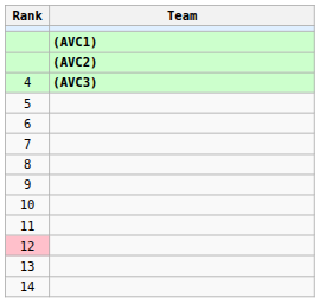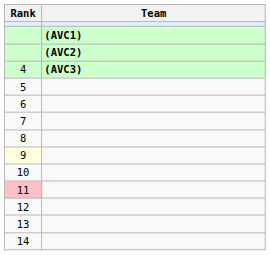 <table class="wikitable" style="text-align:center">
 <tr>
 <th width=40>Rank</th>
 <th width=270>Team</th>
 </tr>
 <tr bgcolor=#dfefff>
 <td></td>
 <td style="text-align:left"></td>
 </tr>
 <tr bgcolor=#ccffcc>
 <td></td>
 <td style="text-align:left"><strong> (AVC1)</strong></td>
 </tr>
 <tr bgcolor=#ccffcc>
 <td></td>
 <td style="text-align:left"><strong> (AVC2)</strong></td>
 </tr>
 <tr bgcolor=#ccffcc>
 <td>4</td>
 <td style="text-align:left"><strong> (AVC3)</strong></td>
 </tr>
 <tr>
 <td>5</td>
 <td style="text-align:left"></td>
 </tr>
 <tr>
 <td>6</td>
 <td style="text-align:left"></td>
 </tr>
 <tr>
 <td>7</td>
 <td style="text-align:left"></td>
 </tr>
 <tr>
 <td>8</td>
 <td style="text-align:left"></td>
 </tr>
 <tr>
-<td>9</td>
+<td style="background: lightyellow;">9</td>
 <td style="text-align:left"></td>
 </tr>
 <tr>
 <td>10</td>
 <td style="text-align:left"></td>
 </tr>
 <tr>
-<td>11</td>
+<td style="background: pink;">11</td>
 <td style="text-align:left"></td>
 </tr>
 <tr>
-<td style="background: pink;">12</td>
+<td>12</td>
 <td style="text-align:left"></td>
 </tr>
 <tr>
 <td>13</td>
 <td style="text-align:left"></td>
 </tr>
 <tr>
 <td>14</td>
 <td style="text-align:left"></td>
 </tr>
 </table>
